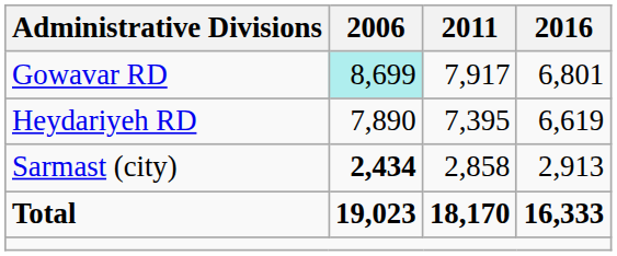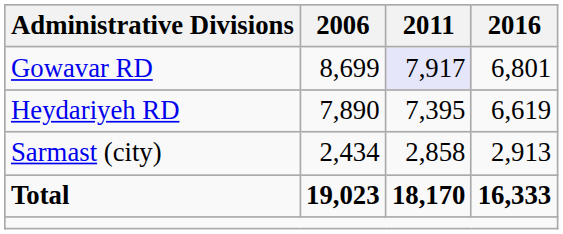 <table class="wikitable">
 <tr>
 <th>Administrative Divisions</th>
 <th>2006</th>
 <th>2011</th>
 <th>2016</th>
 </tr>
 <tr>
 <td><a href='#'>Gowavar RD</a></td>
-<td style="background: paleturquoise; text-align: right;">8,699</td>
-<td style="text-align: right;">7,917</td>
+<td style="text-align: right;">8,699</td>
+<td style="background: lavender; text-align: right;">7,917</td>
 <td style="text-align: right;">6,801</td>
 </tr>
 <tr>
 <td><a href='#'>Heydariyeh RD</a></td>
 <td style="text-align: right;">7,890</td>
 <td style="text-align: right;">7,395</td>
 <td style="text-align: right;">6,619</td>
 </tr>
 <tr>
 <td><a href='#'>Sarmast</a> (city)</td>
-<td style="text-align: right;"><strong>2,434</strong></td>
+<td style="text-align: right;">2,434</td>
 <td style="text-align: right;">2,858</td>
 <td style="text-align: right;">2,913</td>
 </tr>
 <tr>
 <td><strong>Total</strong></td>
 <td style="text-align: right;"><strong>19,023</strong></td>
 <td style="text-align: right;"><strong>18,170</strong></td>
 <td style="text-align: right;"><strong>16,333</strong></td>
 </tr>
 <tr>
 <td colspan=4></td>
 </tr>
 </table>
